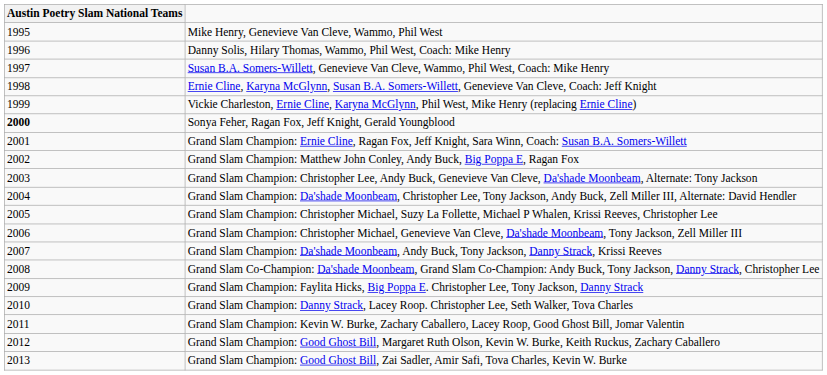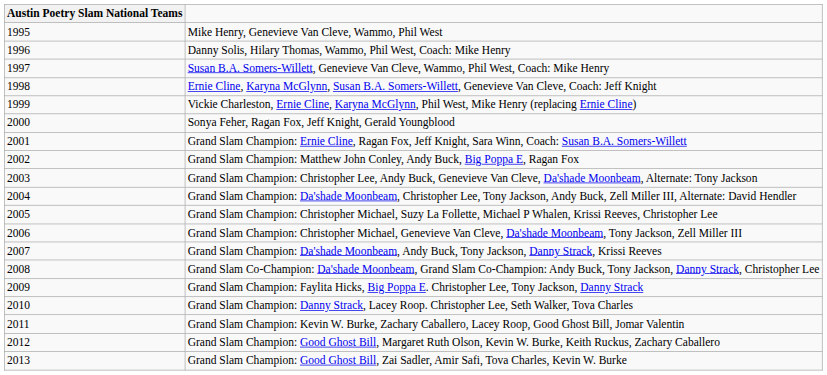 <table class="wikitable">
 <tr>
 <th>Austin Poetry Slam National Teams</th>
 </tr>
 <tr>
 <td>1995</td>
 <td>Mike Henry, Genevieve Van Cleve, Wammo, Phil West</td>
 </tr>
 <tr>
 <td>1996</td>
 <td>Danny Solis, Hilary Thomas, Wammo, Phil West, Coach: Mike Henry</td>
 </tr>
 <tr>
 <td>1997</td>
 <td><a href='#'>Susan B.A. Somers-Willett</a>, Genevieve Van Cleve, Wammo, Phil West, Coach: Mike Henry</td>
 </tr>
 <tr>
 <td>1998</td>
 <td><a href='#'>Ernie Cline</a>, <a href='#'>Karyna McGlynn</a>, <a href='#'>Susan B.A. Somers-Willett</a>, Genevieve Van Cleve, Coach: Jeff Knight</td>
 </tr>
 <tr>
 <td>1999</td>
 <td>Vickie Charleston, <a href='#'>Ernie Cline</a>, <a href='#'>Karyna McGlynn</a>, Phil West, Mike Henry (replacing <a href='#'>Ernie Cline</a>)</td>
 </tr>
 <tr>
-<td><strong>2000</strong></td>
+<td>2000</td>
 <td>Sonya Feher, Ragan Fox, Jeff Knight, Gerald Youngblood</td>
 </tr>
 <tr>
 <td>2001</td>
 <td>Grand Slam Champion: <a href='#'>Ernie Cline</a>, Ragan Fox, Jeff Knight, Sara Winn, Coach: <a href='#'>Susan B.A. Somers-Willett</a></td>
 </tr>
 <tr>
 <td>2002</td>
 <td>Grand Slam Champion: Matthew John Conley, Andy Buck, <a href='#'>Big Poppa E</a>, Ragan Fox</td>
 </tr>
 <tr>
 <td>2003</td>
 <td>Grand Slam Champion: Christopher Lee, Andy Buck, Genevieve Van Cleve, <a href='#'>Da'shade Moonbeam</a>, Alternate: Tony Jackson</td>
 </tr>
 <tr>
 <td>2004</td>
 <td>Grand Slam Champion: <a href='#'>Da'shade Moonbeam</a>, Christopher Lee, Tony Jackson, Andy Buck, Zell Miller III, Alternate: David Hendler</td>
 </tr>
 <tr>
 <td>2005</td>
 <td>Grand Slam Champion: Christopher Michael, Suzy La Follette, Michael P Whalen, Krissi Reeves, Christopher Lee</td>
 </tr>
 <tr>
 <td>2006</td>
 <td>Grand Slam Champion: Christopher Michael, Genevieve Van Cleve, <a href='#'>Da'shade Moonbeam</a>, Tony Jackson, Zell Miller III</td>
 </tr>
 <tr>
 <td>2007</td>
 <td>Grand Slam Champion: <a href='#'>Da'shade Moonbeam</a>, Andy Buck, Tony Jackson, <a href='#'>Danny Strack</a>, Krissi Reeves</td>
 </tr>
 <tr>
 <td>2008</td>
 <td>Grand Slam Co-Champion: <a href='#'>Da'shade Moonbeam</a>, Grand Slam Co-Champion: Andy Buck, Tony Jackson, <a href='#'>Danny Strack</a>, Christopher Lee</td>
 </tr>
 <tr>
 <td>2009</td>
 <td>Grand Slam Champion: Faylita Hicks, <a href='#'>Big Poppa E</a>. Christopher Lee, Tony Jackson, <a href='#'>Danny Strack</a></td>
 </tr>
 <tr>
 <td>2010</td>
 <td>Grand Slam Champion: <a href='#'>Danny Strack</a>, Lacey Roop. Christopher Lee, Seth Walker, Tova Charles</td>
 </tr>
 <tr>
 <td>2011</td>
 <td>Grand Slam Champion: Kevin W. Burke, Zachary Caballero, Lacey Roop, Good Ghost Bill, Jomar Valentin</td>
 </tr>
 <tr>
 <td>2012</td>
 <td>Grand Slam Champion: <a href='#'>Good Ghost Bill</a>, Margaret Ruth Olson, Kevin W. Burke, Keith Ruckus, Zachary Caballero</td>
 </tr>
 <tr>
 <td>2013</td>
 <td>Grand Slam Champion: <a href='#'>Good Ghost Bill</a>, Zai Sadler, Amir Safi, Tova Charles, Kevin W. Burke </td>
 </tr>
 </table>
